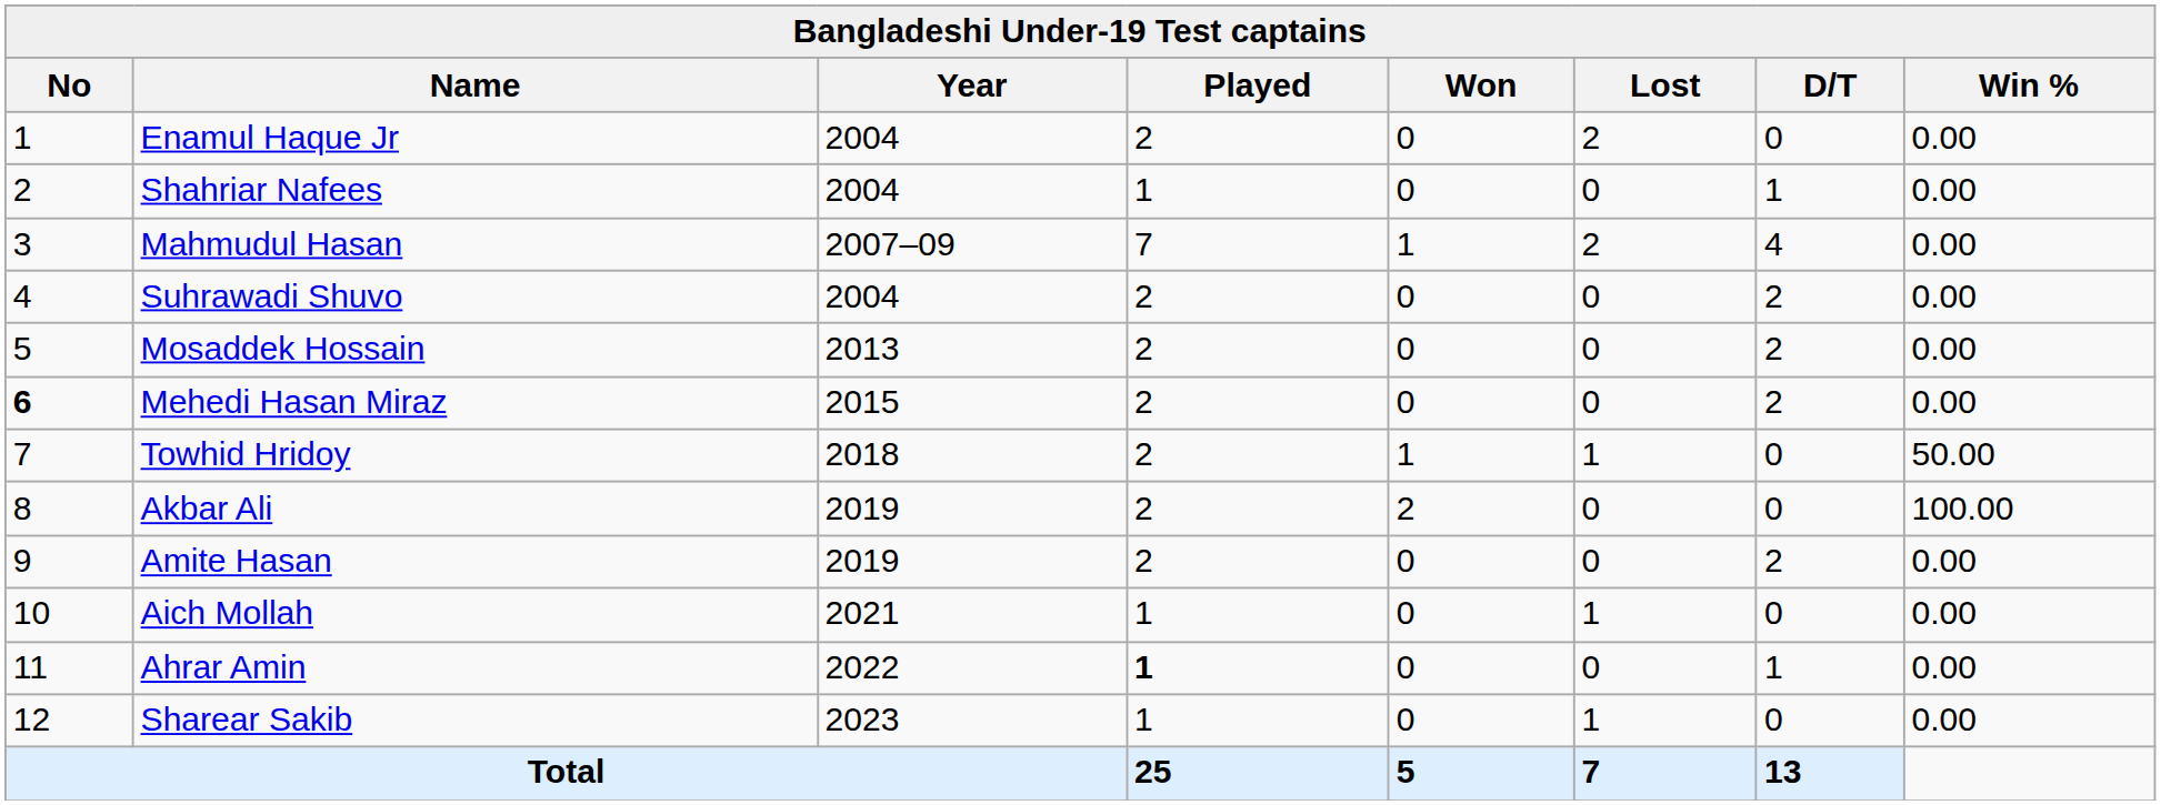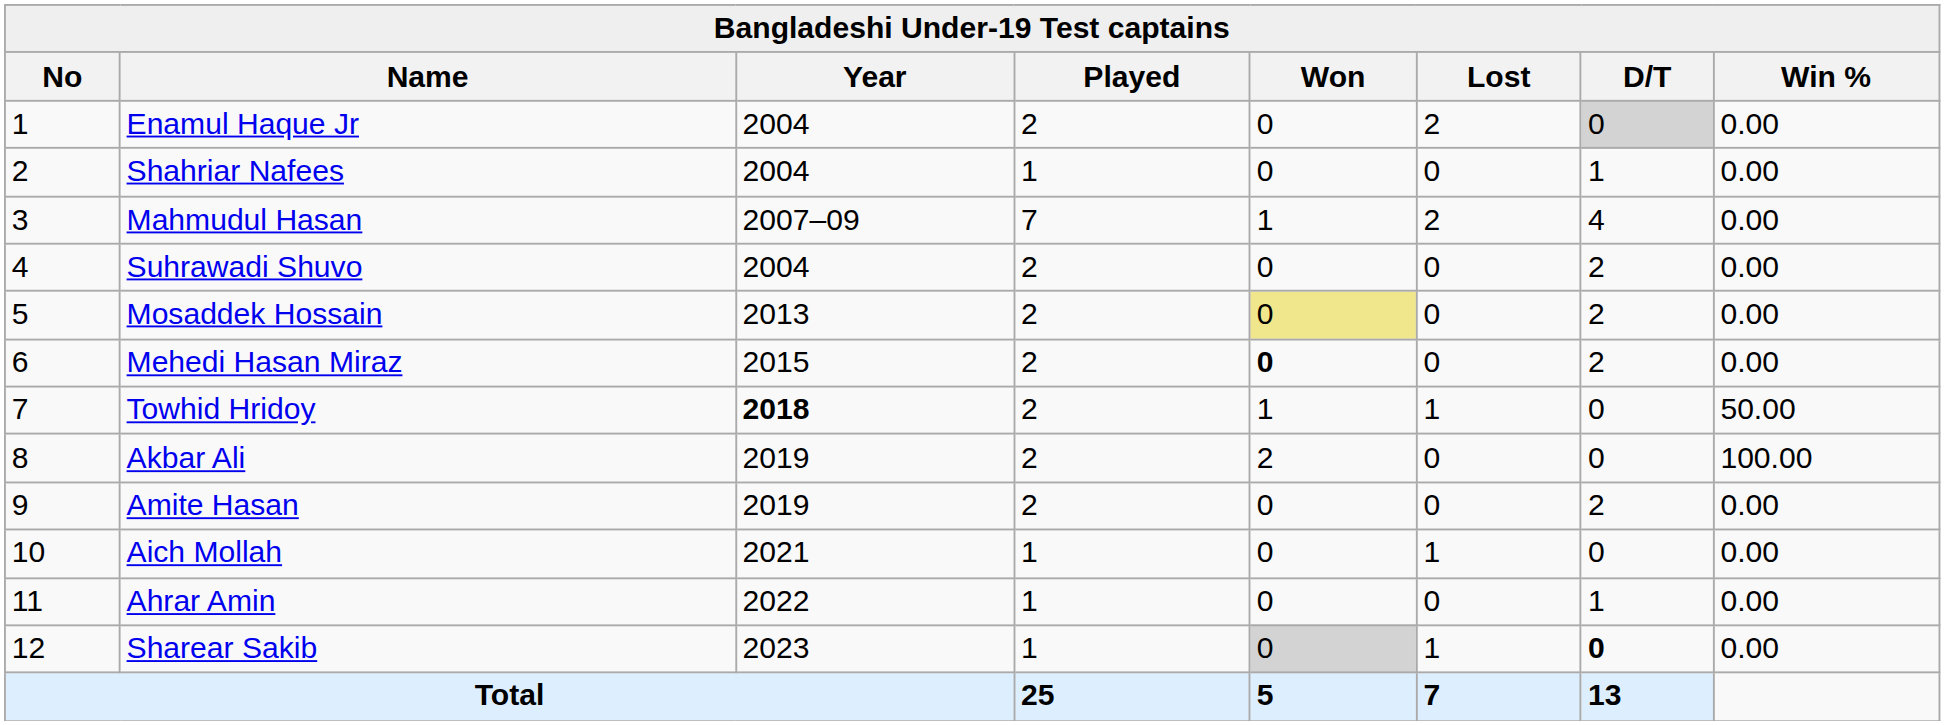 <table class="wikitable" style="width:65%;">
 <tr>
 <th style="background:#efefef;" colspan="8">Bangladeshi Under-19 Test captains</th>
 </tr>
 <tr style="background:#efefef;">
 <th>No</th>
 <th>Name</th>
 <th>Year</th>
 <th>Played</th>
 <th>Won</th>
 <th>Lost</th>
 <th>D/T</th>
 <th>Win %</th>
 </tr>
 <tr>
 <td>1</td>
 <td><a href='#'>Enamul Haque Jr</a></td>
 <td>2004</td>
 <td>2</td>
 <td>0</td>
 <td>2</td>
-<td>0</td>
+<td style="background: lightgrey;">0</td>
 <td>0.00</td>
 </tr>
 <tr>
 <td>2</td>
 <td><a href='#'>Shahriar Nafees</a></td>
 <td>2004</td>
 <td>1</td>
 <td>0</td>
 <td>0</td>
 <td>1</td>
 <td>0.00</td>
 </tr>
 <tr>
 <td>3</td>
 <td><a href='#'>Mahmudul Hasan</a></td>
 <td>2007–09</td>
 <td>7</td>
 <td>1</td>
 <td>2</td>
 <td>4</td>
 <td>0.00</td>
 </tr>
 <tr>
 <td>4</td>
 <td><a href='#'>Suhrawadi Shuvo</a></td>
 <td>2004</td>
 <td>2</td>
 <td>0</td>
 <td>0</td>
 <td>2</td>
 <td>0.00</td>
 </tr>
 <tr>
 <td>5</td>
 <td><a href='#'>Mosaddek Hossain</a></td>
 <td>2013</td>
 <td>2</td>
-<td>0</td>
+<td style="background: khaki;">0</td>
 <td>0</td>
 <td>2</td>
 <td>0.00</td>
 </tr>
 <tr>
-<td><strong>6</strong></td>
+<td>6</td>
 <td><a href='#'>Mehedi Hasan Miraz</a></td>
 <td>2015</td>
 <td>2</td>
-<td>0</td>
+<td><strong>0</strong></td>
 <td>0</td>
 <td>2</td>
 <td>0.00</td>
 </tr>
 <tr>
 <td>7</td>
 <td><a href='#'>Towhid Hridoy</a></td>
-<td>2018</td>
+<td><strong>2018</strong></td>
 <td>2</td>
 <td>1</td>
 <td>1</td>
 <td>0</td>
 <td>50.00</td>
 </tr>
 <tr>
 <td>8</td>
 <td><a href='#'>Akbar Ali</a></td>
 <td>2019</td>
 <td>2</td>
 <td>2</td>
 <td>0</td>
 <td>0</td>
 <td>100.00</td>
 </tr>
 <tr>
 <td>9</td>
 <td><a href='#'>Amite Hasan</a></td>
 <td>2019</td>
 <td>2</td>
 <td>0</td>
 <td>0</td>
 <td>2</td>
 <td>0.00</td>
 </tr>
 <tr>
 <td>10</td>
 <td><a href='#'>Aich Mollah</a></td>
 <td>2021</td>
 <td>1</td>
 <td>0</td>
 <td>1</td>
 <td>0</td>
 <td>0.00</td>
 </tr>
 <tr>
 <td>11</td>
 <td><a href='#'>Ahrar Amin</a></td>
 <td>2022</td>
-<td><strong>1</strong></td>
+<td>1</td>
 <td>0</td>
 <td>0</td>
 <td>1</td>
 <td>0.00</td>
 </tr>
 <tr>
 <td>12</td>
 <td><a href='#'>Sharear Sakib</a></td>
 <td>2023</td>
 <td>1</td>
-<td>0</td>
+<td style="background: lightgrey;">0</td>
 <td>1</td>
-<td>0</td>
+<td><strong>0</strong></td>
 <td>0.00</td>
 </tr>
 <tr style="background:#def;">
 <td colspan="3" style="text-align:center;"><strong>Total</strong></td>
 <td><strong>25</strong></td>
 <td><strong>5</strong></td>
 <td><strong>7</strong></td>
 <td><strong>13</strong></td>
 </tr>
 </table>
